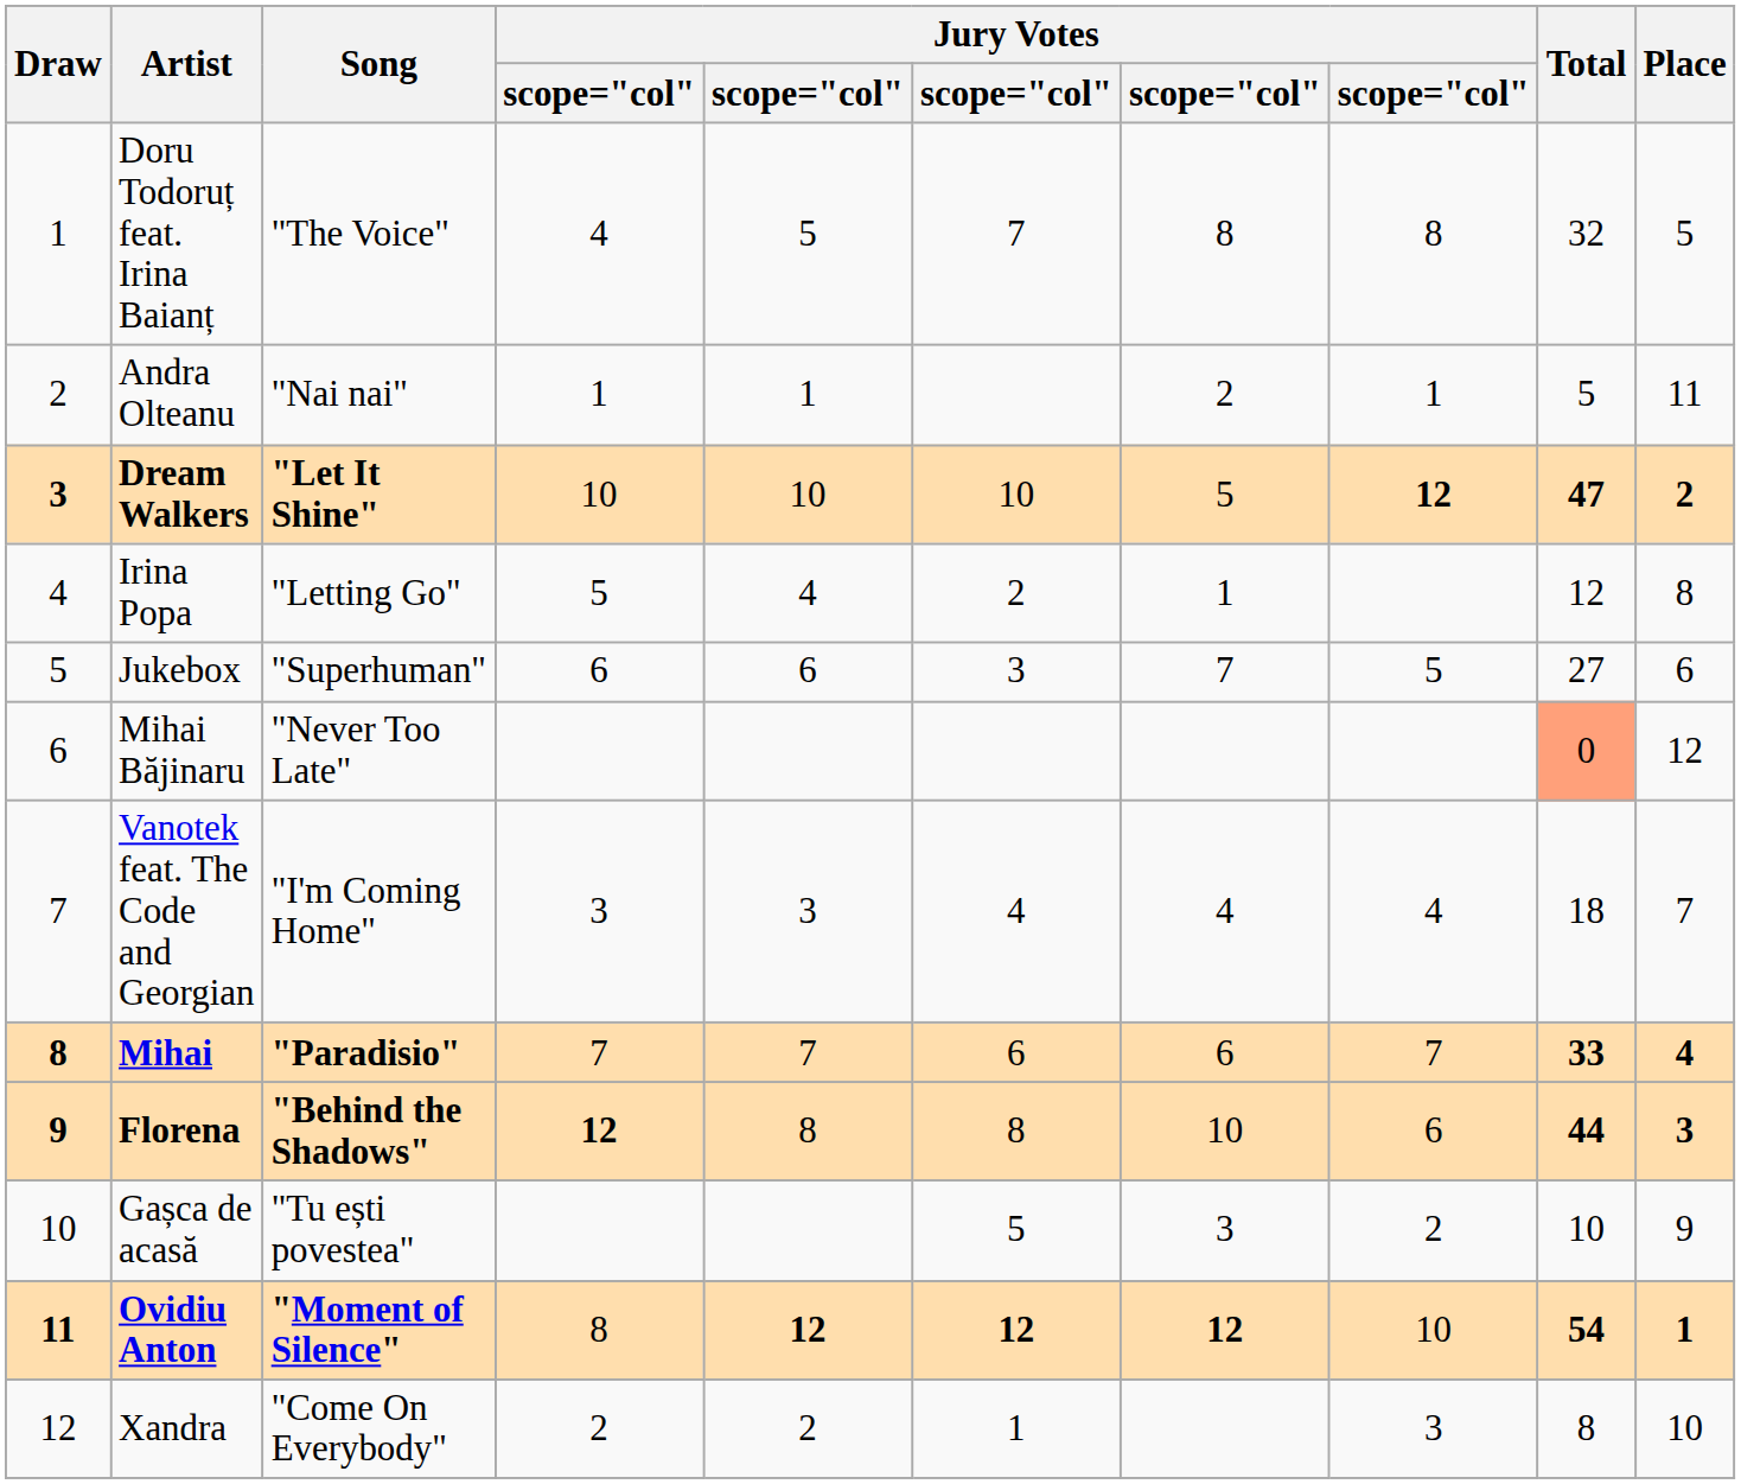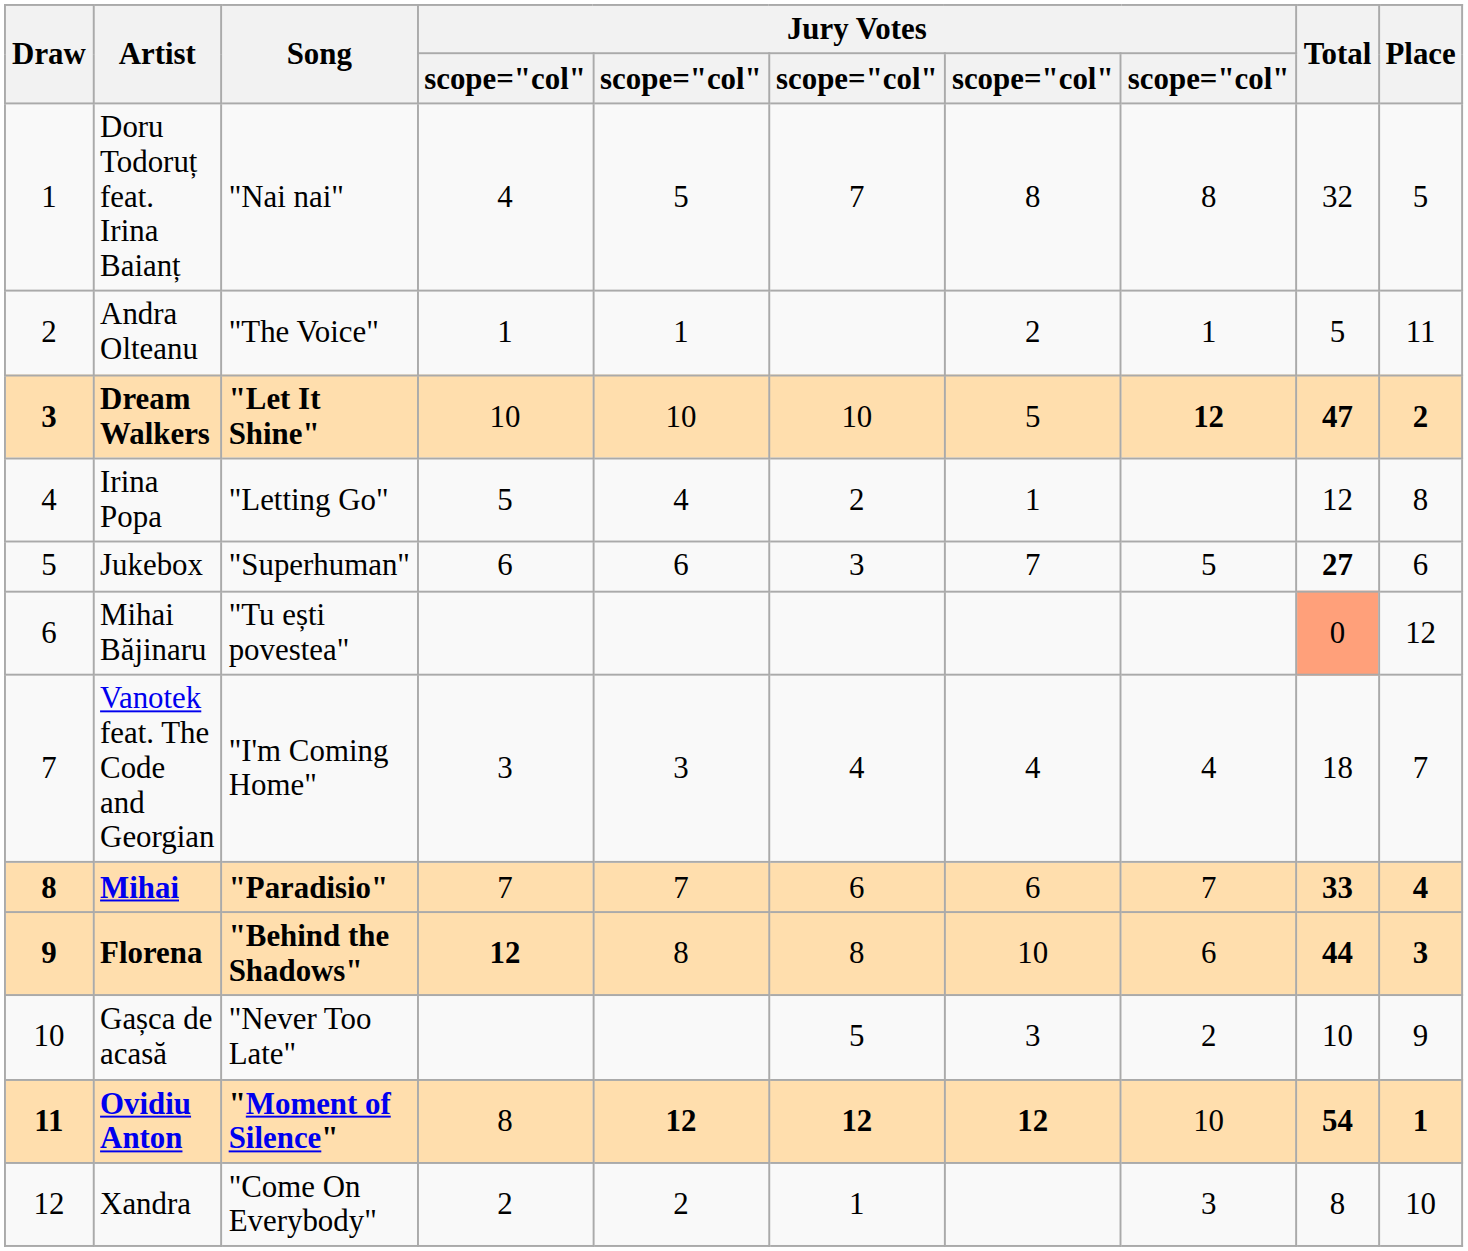 <table class="sortable wikitable" style="margin: 1em auto 1em auto; text-align:center;">
 <tr>
 <th rowspan="2">Draw</th>
 <th rowspan="2">Artist</th>
 <th rowspan="2">Song</th>
 <th colspan="5"><strong>Jury Votes</strong></th>
 <th rowspan="2">Total</th>
 <th rowspan="2">Place</th>
 </tr>
 <tr>
 <th>scope="col" </th>
 <th>scope="col" </th>
 <th>scope="col" </th>
 <th>scope="col" </th>
 <th>scope="col" </th>
 </tr>
 <tr>
 <td>1</td>
 <td align="left">Doru Todoruț feat. Irina Baianț</td>
-<td align="left">"The Voice"</td>
+<td align="left">"Nai nai"</td>
 <td>4</td>
 <td>5</td>
 <td>7</td>
 <td>8</td>
 <td>8</td>
 <td>32</td>
 <td>5</td>
 </tr>
 <tr>
 <td>2</td>
 <td align="left">Andra Olteanu</td>
-<td align="left">"Nai nai"</td>
+<td align="left">"The Voice"</td>
 <td>1</td>
 <td>1</td>
 <td></td>
 <td>2</td>
 <td>1</td>
 <td>5</td>
 <td>11</td>
 </tr>
 <tr style="background:navajowhite">
 <td><strong>3</strong></td>
 <td align="left"><strong>Dream Walkers</strong></td>
 <td align="left"><strong>"Let It Shine"</strong></td>
 <td>10</td>
 <td>10</td>
 <td>10</td>
 <td>5</td>
 <td><strong>12</strong></td>
 <td><strong>47</strong></td>
 <td><strong>2</strong></td>
 </tr>
 <tr>
 <td>4</td>
 <td align="left">Irina Popa</td>
 <td align="left">"Letting Go"</td>
 <td>5</td>
 <td>4</td>
 <td>2</td>
 <td>1</td>
 <td></td>
 <td>12</td>
 <td>8</td>
 </tr>
 <tr>
 <td>5</td>
 <td align="left">Jukebox</td>
 <td align="left">"Superhuman"</td>
 <td>6</td>
 <td>6</td>
 <td>3</td>
 <td>7</td>
 <td>5</td>
-<td>27</td>
+<td><strong>27</strong></td>
 <td>6</td>
 </tr>
 <tr>
 <td>6</td>
 <td align="left">Mihai Băjinaru</td>
-<td align="left">"Never Too Late"</td>
+<td align="left">"Tu ești povestea"</td>
 <td></td>
 <td></td>
 <td></td>
 <td></td>
 <td></td>
 <td style="background: lightsalmon;">0</td>
 <td>12</td>
 </tr>
 <tr>
 <td>7</td>
 <td align="left"><a href='#'>Vanotek</a> feat. The Code and Georgian</td>
 <td align="left">"I'm Coming Home"</td>
 <td>3</td>
 <td>3</td>
 <td>4</td>
 <td>4</td>
 <td>4</td>
 <td>18</td>
 <td>7</td>
 </tr>
 <tr style="background:navajowhite">
 <td><strong>8</strong></td>
 <td align="left"><a href='#'><strong>Mihai</strong></a></td>
 <td align="left"><strong>"Paradisio"</strong></td>
 <td>7</td>
 <td>7</td>
 <td>6</td>
 <td>6</td>
 <td>7</td>
 <td><strong>33</strong></td>
 <td><strong>4</strong></td>
 </tr>
 <tr style="background:navajowhite">
 <td><strong>9</strong></td>
 <td align="left"><strong>Florena</strong></td>
 <td align="left"><strong>"Behind the Shadows"</strong></td>
 <td><strong>12</strong></td>
 <td>8</td>
 <td>8</td>
 <td>10</td>
 <td>6</td>
 <td><strong>44</strong></td>
 <td><strong>3</strong></td>
 </tr>
 <tr>
 <td>10</td>
 <td align="left">Gașca de acasă</td>
-<td align="left">"Tu ești povestea"</td>
+<td align="left">"Never Too Late"</td>
 <td></td>
 <td></td>
 <td>5</td>
 <td>3</td>
 <td>2</td>
 <td>10</td>
 <td>9</td>
 </tr>
 <tr style="background:navajowhite">
 <td><strong>11</strong></td>
 <td align="left"><strong><a href='#'>Ovidiu Anton</a></strong></td>
 <td align="left"><strong>"<a href='#'>Moment of Silence</a>"</strong></td>
 <td>8</td>
 <td><strong>12</strong></td>
 <td><strong>12</strong></td>
 <td><strong>12</strong></td>
 <td>10</td>
 <td><strong>54</strong></td>
 <td><strong>1</strong></td>
 </tr>
 <tr>
 <td>12</td>
 <td align="left">Xandra</td>
 <td align="left">"Come On Everybody"</td>
 <td>2</td>
 <td>2</td>
 <td>1</td>
 <td></td>
 <td>3</td>
 <td>8</td>
 <td>10</td>
 </tr>
 </table>
